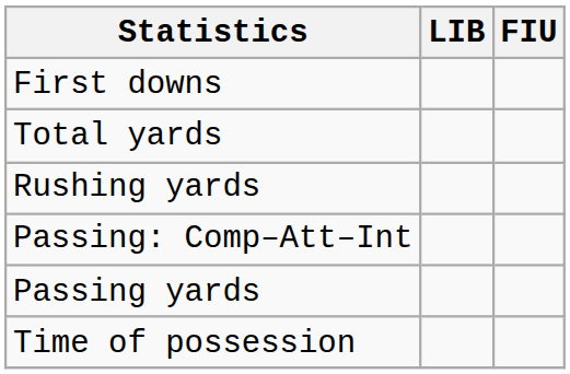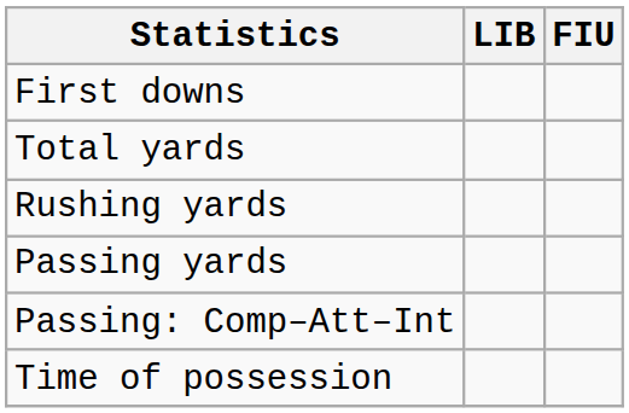 <table class="wikitable" style="float: left;">
 <tr>
 <th>Statistics</th>
 <th>LIB</th>
 <th>FIU</th>
 </tr>
 <tr>
 <td>First downs</td>
 <td></td>
 <td></td>
 </tr>
 <tr>
 <td>Total yards</td>
 <td></td>
 <td></td>
 </tr>
 <tr>
 <td>Rushing yards</td>
 <td></td>
 <td></td>
 </tr>
 <tr>
-<td>Passing: Comp–Att–Int</td>
+<td>Passing yards</td>
 <td></td>
 <td></td>
 </tr>
 <tr>
-<td>Passing yards</td>
+<td>Passing: Comp–Att–Int</td>
 <td></td>
 <td></td>
 </tr>
 <tr>
 <td>Time of possession</td>
 <td></td>
 <td></td>
 </tr>
 <tr>
 </tr>
 </table>
